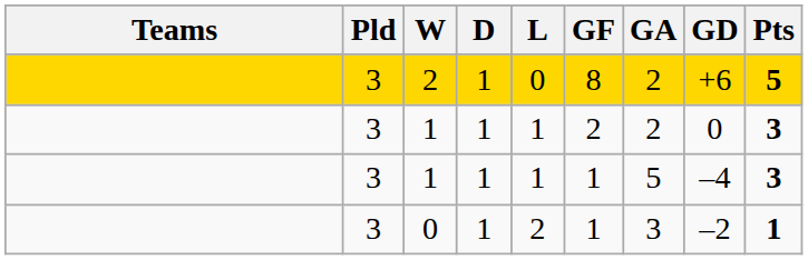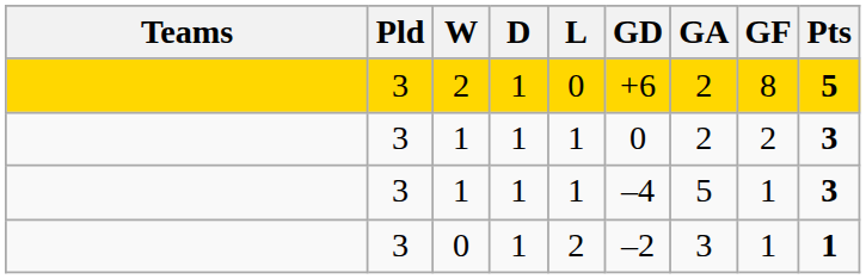 <table class="wikitable" style="text-align: center;">
 <tr>
 <th width=165>Teams</th>
 <th width=20>Pld</th>
 <th width=20>W</th>
 <th width=20>D</th>
 <th width=20>L</th>
+<th width=20>GD</th>
+<th width=20>GA</th>
 <th width=20>GF</th>
-<th width=20>GA</th>
-<th width=20>GD</th>
 <th width=20>Pts</th>
 </tr>
 <tr align=center style="background:gold">
 <td style="text-align:left;"></td>
 <td>3</td>
 <td>2</td>
 <td>1</td>
 <td>0</td>
+<td>+6</td>
+<td>2</td>
 <td>8</td>
-<td>2</td>
-<td>+6</td>
 <td><strong>5</strong></td>
 </tr>
 <tr align=center>
 <td style="text-align:left;"></td>
 <td>3</td>
 <td>1</td>
 <td>1</td>
 <td>1</td>
+<td>0</td>
 <td>2</td>
 <td>2</td>
-<td>0</td>
 <td><strong>3</strong></td>
 </tr>
 <tr align=center>
 <td style="text-align:left;"></td>
 <td>3</td>
 <td>1</td>
 <td>1</td>
 <td>1</td>
+<td>–4</td>
+<td>5</td>
 <td>1</td>
-<td>5</td>
-<td>–4</td>
 <td><strong>3</strong></td>
 </tr>
 <tr align=center>
 <td style="text-align:left;"></td>
 <td>3</td>
 <td>0</td>
 <td>1</td>
 <td>2</td>
+<td>–2</td>
+<td>3</td>
 <td>1</td>
-<td>3</td>
-<td>–2</td>
 <td><strong>1</strong></td>
 </tr>
 </table>
